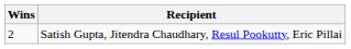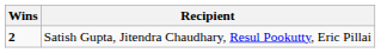 <table class="wikitable">
 <tr>
 <th>Wins</th>
 <th>Recipient</th>
 </tr>
 <tr>
-<td>2</td>
+<td><strong>2</strong></td>
 <td>Satish Gupta, Jitendra Chaudhary, <a href='#'>Resul Pookutty</a>, Eric Pillai</td>
 </tr>
 </table>
